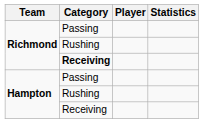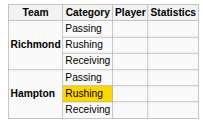 <table class="wikitable" style="float: right;">
 <tr>
 <th>Team</th>
 <th>Category</th>
 <th>Player</th>
 <th>Statistics</th>
 </tr>
 <tr>
 <td rowspan=3><strong>Richmond</strong></td>
 <td>Passing</td>
 <td></td>
 <td></td>
 </tr>
 <tr>
 <td>Rushing</td>
 <td></td>
 <td></td>
 </tr>
 <tr>
-<td><strong>Receiving</strong></td>
+<td>Receiving</td>
 <td></td>
 <td></td>
 </tr>
 <tr>
 <td rowspan=3><strong>Hampton</strong></td>
 <td>Passing</td>
 <td></td>
 <td></td>
 </tr>
 <tr>
-<td>Rushing</td>
+<td style="background: gold;">Rushing</td>
 <td></td>
 <td></td>
 </tr>
 <tr>
 <td>Receiving</td>
 <td></td>
 <td></td>
 </tr>
 </table>
